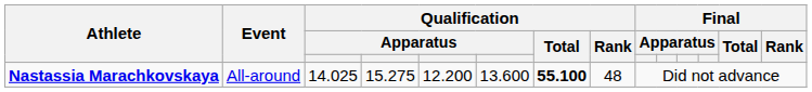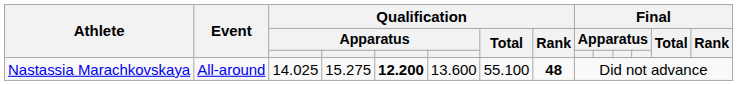 <table class="wikitable" style="font-size:90%">
 <tr>
 <th rowspan=3>Athlete</th>
 <th rowspan=3>Event</th>
 <th colspan=6>Qualification</th>
 <th colspan=6>Final</th>
 </tr>
 <tr style="font-size:95%">
 <th colspan=4>Apparatus</th>
 <th rowspan=2>Total</th>
 <th rowspan=2>Rank</th>
 <th colspan=4>Apparatus</th>
 <th rowspan=2>Total</th>
 <th rowspan=2>Rank</th>
 </tr>
 <tr style="font-size:95%">
 <th></th>
 <th></th>
 <th></th>
 <th></th>
 <th></th>
 <th></th>
 <th></th>
 <th></th>
 </tr>
 <tr align=center>
-<td align=left><strong><a href='#'>Nastassia Marachkovskaya</a></strong></td>
+<td align=left><a href='#'>Nastassia Marachkovskaya</a></td>
 <td align=left><a href='#'>All-around</a></td>
 <td>14.025</td>
 <td>15.275</td>
-<td>12.200</td>
+<td><strong>12.200</strong></td>
 <td>13.600</td>
-<td><strong>55.100</strong></td>
-<td>48</td>
+<td>55.100</td>
+<td><strong>48</strong></td>
 <td colspan=6>Did not advance</td>
 </tr>
 </table>
